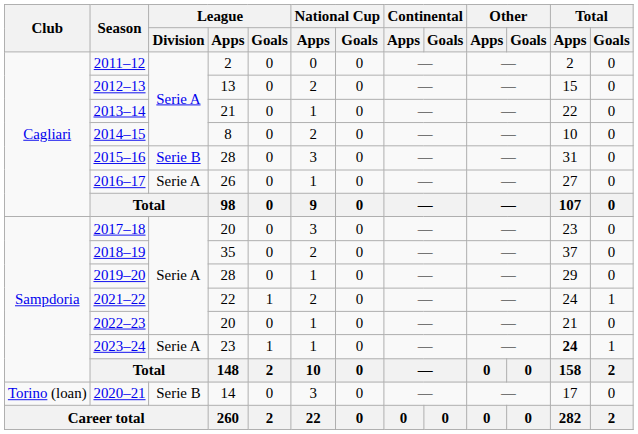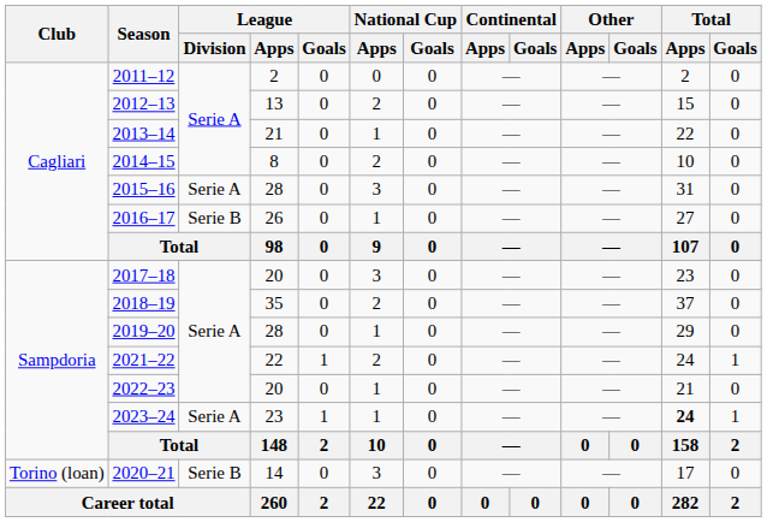 <table class="wikitable" style="text-align:center">
 <tr>
 <th rowspan="2">Club</th>
 <th rowspan="2">Season</th>
 <th colspan="3">League</th>
 <th colspan="2">National Cup</th>
 <th colspan="2">Continental</th>
 <th colspan="2">Other</th>
 <th colspan="2">Total</th>
 </tr>
 <tr>
 <th>Division</th>
 <th>Apps</th>
 <th>Goals</th>
 <th>Apps</th>
 <th>Goals</th>
 <th>Apps</th>
 <th>Goals</th>
 <th>Apps</th>
 <th>Goals</th>
 <th>Apps</th>
 <th>Goals</th>
 </tr>
 <tr>
 <td rowspan="7"><a href='#'>Cagliari</a></td>
 <td><a href='#'>2011–12</a></td>
 <td rowspan="4"><a href='#'>Serie A</a></td>
 <td>2</td>
 <td>0</td>
 <td>0</td>
 <td>0</td>
 <td colspan="2“">—</td>
 <td colspan="2“">—</td>
 <td>2</td>
 <td>0</td>
 </tr>
 <tr>
 <td><a href='#'>2012–13</a></td>
 <td>13</td>
 <td>0</td>
 <td>2</td>
 <td>0</td>
 <td colspan="2“">—</td>
 <td colspan="2“">—</td>
 <td>15</td>
 <td>0</td>
 </tr>
 <tr>
 <td><a href='#'>2013–14</a></td>
 <td>21</td>
 <td>0</td>
 <td>1</td>
 <td>0</td>
 <td colspan="2“">—</td>
 <td colspan="2“">—</td>
 <td>22</td>
 <td>0</td>
 </tr>
 <tr>
 <td><a href='#'>2014–15</a></td>
 <td>8</td>
 <td>0</td>
 <td>2</td>
 <td>0</td>
 <td colspan="2“">—</td>
 <td colspan="2“">—</td>
 <td>10</td>
 <td>0</td>
 </tr>
 <tr>
 <td><a href='#'>2015–16</a></td>
-<td><a href='#'>Serie B</a></td>
+<td>Serie A</td>
 <td>28</td>
 <td>0</td>
 <td>3</td>
 <td>0</td>
 <td colspan="2“">—</td>
 <td colspan="2“">—</td>
 <td>31</td>
 <td>0</td>
 </tr>
 <tr>
 <td><a href='#'>2016–17</a></td>
-<td>Serie A</td>
+<td>Serie B</td>
 <td>26</td>
 <td>0</td>
 <td>1</td>
 <td>0</td>
 <td colspan="2“">—</td>
 <td colspan="2“">—</td>
 <td>27</td>
 <td>0</td>
 </tr>
 <tr>
 <th colspan="2">Total</th>
 <th>98</th>
 <th>0</th>
 <th>9</th>
 <th>0</th>
 <th colspan="2“">—</th>
 <th colspan="2“">—</th>
 <th>107</th>
 <th>0</th>
 </tr>
 <tr>
 <td rowspan="7"><a href='#'>Sampdoria</a></td>
 <td><a href='#'>2017–18</a></td>
 <td rowspan="5">Serie A</td>
 <td>20</td>
 <td>0</td>
 <td>3</td>
 <td>0</td>
 <td colspan="2“">—</td>
 <td colspan="2“">—</td>
 <td>23</td>
 <td>0</td>
 </tr>
 <tr>
 <td><a href='#'>2018–19</a></td>
 <td>35</td>
 <td>0</td>
 <td>2</td>
 <td>0</td>
 <td colspan="2“">—</td>
 <td colspan="2“">—</td>
 <td>37</td>
 <td>0</td>
 </tr>
 <tr>
 <td><a href='#'>2019–20</a></td>
 <td>28</td>
 <td>0</td>
 <td>1</td>
 <td>0</td>
 <td colspan="2“">—</td>
 <td colspan="2“">—</td>
 <td>29</td>
 <td>0</td>
 </tr>
 <tr>
 <td><a href='#'>2021–22</a></td>
 <td>22</td>
 <td>1</td>
 <td>2</td>
 <td>0</td>
 <td colspan="2“">—</td>
 <td colspan="2“">—</td>
 <td>24</td>
 <td>1</td>
 </tr>
 <tr>
 <td><a href='#'>2022–23</a></td>
 <td>20</td>
 <td>0</td>
 <td>1</td>
 <td>0</td>
 <td colspan="2“">—</td>
 <td colspan="2“">—</td>
 <td>21</td>
 <td>0</td>
 </tr>
 <tr>
 <td><a href='#'>2023–24</a></td>
 <td>Serie A</td>
 <td>23</td>
 <td>1</td>
 <td>1</td>
 <td>0</td>
 <td colspan="2“">—</td>
 <td colspan="2“">—</td>
 <td><strong>24</strong></td>
 <td>1</td>
 </tr>
 <tr>
 <th colspan="2">Total</th>
 <th>148</th>
 <th>2</th>
 <th>10</th>
 <th>0</th>
 <th colspan="2“">—</th>
 <th>0</th>
 <th>0</th>
 <th>158</th>
 <th>2</th>
 </tr>
 <tr>
 <td><a href='#'>Torino</a> (loan)</td>
 <td><a href='#'>2020–21</a></td>
 <td>Serie B</td>
 <td>14</td>
 <td>0</td>
 <td>3</td>
 <td>0</td>
 <td colspan="2“">—</td>
 <td colspan="2“">—</td>
 <td>17</td>
 <td>0</td>
 </tr>
 <tr>
 <th colspan="3">Career total</th>
 <th>260</th>
 <th>2</th>
 <th>22</th>
 <th>0</th>
 <th>0</th>
 <th>0</th>
 <th>0</th>
 <th>0</th>
 <th>282</th>
 <th>2</th>
 </tr>
 </table>
